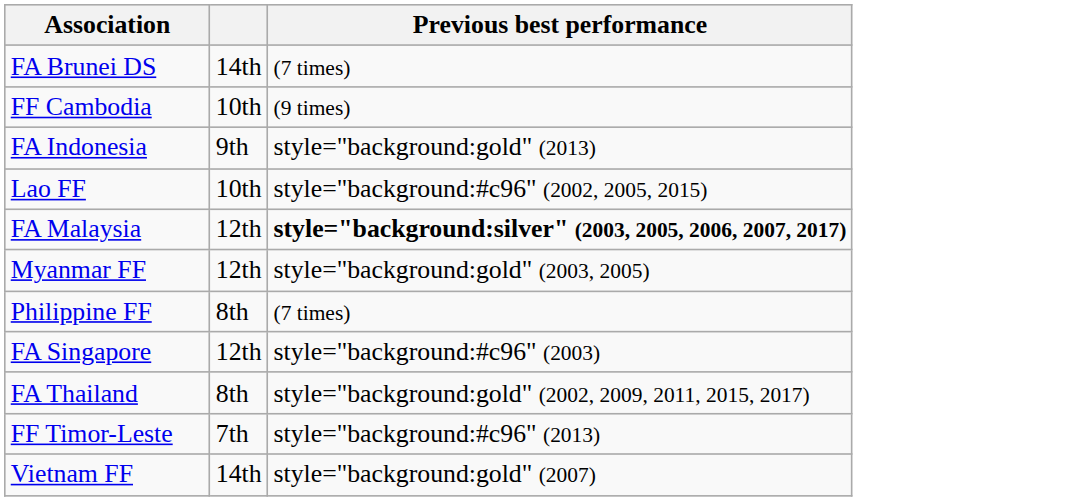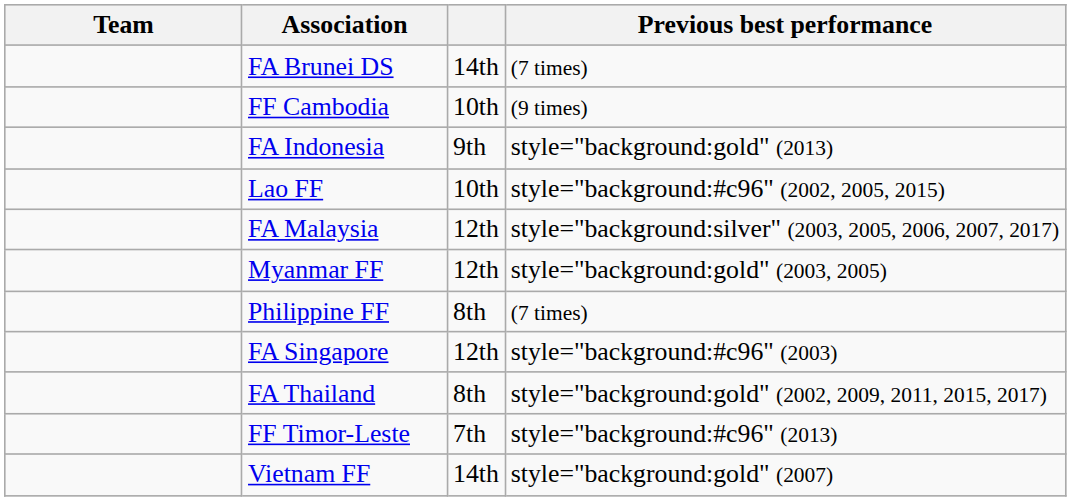 <table class="wikitable sortable">
 <tr>
+<th style="width:140px;">Team</th>
 <th style="width:120px;">Association</th>
 <th></th>
 <th>Previous best performance</th>
 </tr>
 <tr>
+<td></td>
 <td><a href='#'>FA Brunei DS</a></td>
 <td>14th</td>
 <td> <small>(7 times)</small></td>
 </tr>
 <tr>
+<td></td>
 <td><a href='#'>FF Cambodia</a></td>
 <td>10th</td>
 <td> <small>(9 times)</small></td>
 </tr>
 <tr>
+<td></td>
 <td><a href='#'>FA Indonesia</a></td>
 <td>9th</td>
 <td>style="background:gold"  <small>(2013)</small></td>
 </tr>
 <tr>
+<td></td>
 <td><a href='#'>Lao FF</a></td>
 <td>10th</td>
 <td>style="background:#c96"  <small>(2002, 2005, 2015)</small></td>
 </tr>
 <tr>
+<td></td>
 <td><a href='#'>FA Malaysia</a></td>
 <td>12th</td>
-<td><strong>style="background:silver"  <small>(2003, 2005, 2006, 2007, 2017)</small></strong></td>
+<td>style="background:silver"  <small>(2003, 2005, 2006, 2007, 2017)</small></td>
 </tr>
 <tr>
+<td></td>
 <td><a href='#'>Myanmar FF</a></td>
 <td>12th</td>
 <td>style="background:gold"  <small>(2003, 2005)</small></td>
 </tr>
 <tr>
+<td></td>
 <td><a href='#'>Philippine FF</a></td>
 <td>8th</td>
 <td> <small>(7 times)</small></td>
 </tr>
 <tr>
+<td></td>
 <td><a href='#'>FA Singapore</a></td>
 <td>12th</td>
 <td>style="background:#c96"  <small>(2003)</small></td>
 </tr>
 <tr>
+<td></td>
 <td><a href='#'>FA Thailand</a></td>
 <td>8th</td>
 <td>style="background:gold"  <small>(2002, 2009, 2011, 2015, 2017)</small></td>
 </tr>
 <tr>
+<td></td>
 <td><a href='#'>FF Timor-Leste</a></td>
 <td>7th</td>
 <td>style="background:#c96"  <small>(2013)</small></td>
 </tr>
 <tr>
+<td></td>
 <td><a href='#'>Vietnam FF</a></td>
 <td>14th</td>
 <td>style="background:gold"  <small>(2007)</small></td>
 </tr>
 </table>
